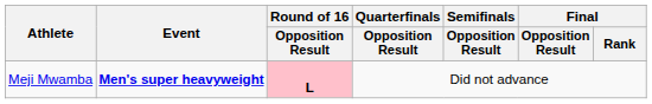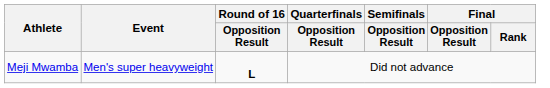 <table class="wikitable" style="font-size:90%">
 <tr>
 <th rowspan=2>Athlete</th>
 <th rowspan=2>Event</th>
 <th>Round of 16</th>
 <th>Quarterfinals</th>
 <th>Semifinals</th>
 <th colspan=2>Final</th>
 </tr>
 <tr style="font-size:95%">
 <th>Opposition<br>Result</th>
 <th>Opposition<br>Result</th>
 <th>Opposition<br>Result</th>
 <th>Opposition<br>Result</th>
 <th width=50>Rank</th>
 </tr>
 <tr align=center>
 <td align=left><a href='#'>Meji Mwamba</a></td>
-<td align=left><strong><a href='#'>Men's super heavyweight</a></strong></td>
-<td style="background: pink;"><br><strong>L</strong> </td>
+<td align=left><a href='#'>Men's super heavyweight</a></td>
+<td><br><strong>L</strong> </td>
 <td colspan=4>Did not advance</td>
 </tr>
 </table>
